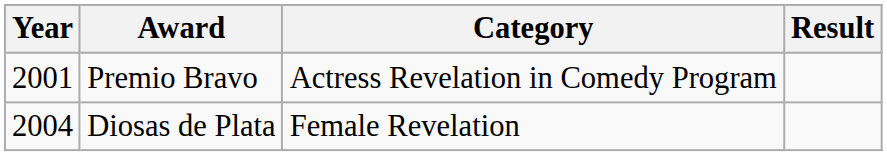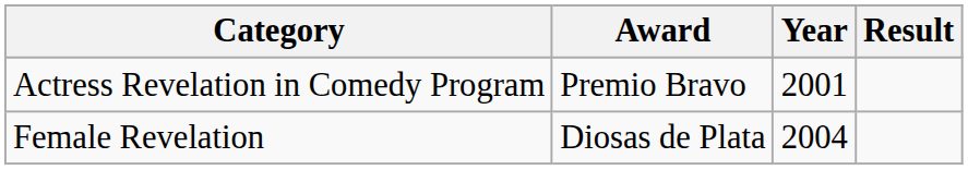 <table class="wikitable">
 <tr style="background:#b0c4de;">
+<th>Category</th>
+<th>Award</th>
 <th>Year</th>
-<th>Award</th>
-<th>Category</th>
 <th>Result</th>
 </tr>
 <tr>
+<td>Actress Revelation in Comedy Program</td>
+<td>Premio Bravo</td>
 <td>2001</td>
-<td>Premio Bravo</td>
-<td>Actress Revelation in Comedy Program</td>
 <td></td>
 </tr>
 <tr>
+<td>Female Revelation</td>
+<td>Diosas de Plata</td>
 <td>2004</td>
-<td>Diosas de Plata</td>
-<td>Female Revelation</td>
 <td></td>
 </tr>
 </table>
